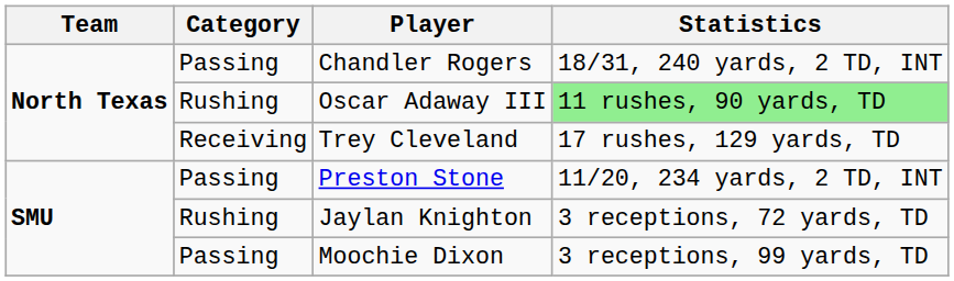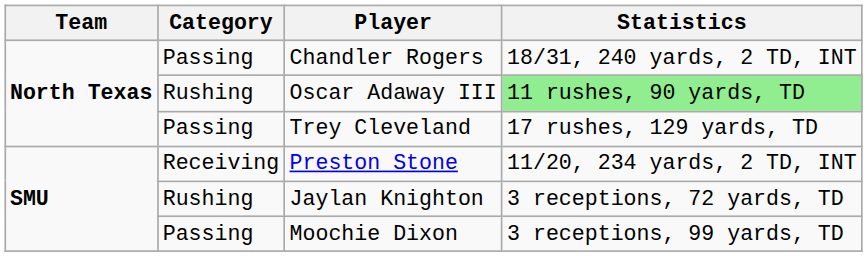 <table class="wikitable" style="float: right;">
 <tr>
 <th>Team</th>
 <th>Category</th>
 <th>Player</th>
 <th>Statistics</th>
 </tr>
 <tr>
 <td rowspan=3><strong>North Texas</strong></td>
 <td>Passing</td>
 <td>Chandler Rogers</td>
 <td>18/31, 240 yards, 2 TD, INT</td>
 </tr>
 <tr>
 <td>Rushing</td>
 <td>Oscar Adaway III</td>
 <td style="background: lightgreen;">11 rushes, 90 yards, TD</td>
 </tr>
 <tr>
-<td>Receiving</td>
+<td>Passing</td>
 <td>Trey Cleveland</td>
 <td>17 rushes, 129 yards, TD</td>
 </tr>
 <tr>
 <td rowspan=3><strong>SMU</strong></td>
-<td>Passing</td>
+<td>Receiving</td>
 <td><a href='#'>Preston Stone</a></td>
 <td>11/20, 234 yards, 2 TD, INT</td>
 </tr>
 <tr>
 <td>Rushing</td>
 <td>Jaylan Knighton</td>
 <td>3 receptions, 72 yards, TD</td>
 </tr>
 <tr>
 <td>Passing</td>
 <td>Moochie Dixon</td>
 <td>3 receptions, 99 yards, TD</td>
 </tr>
 </table>
